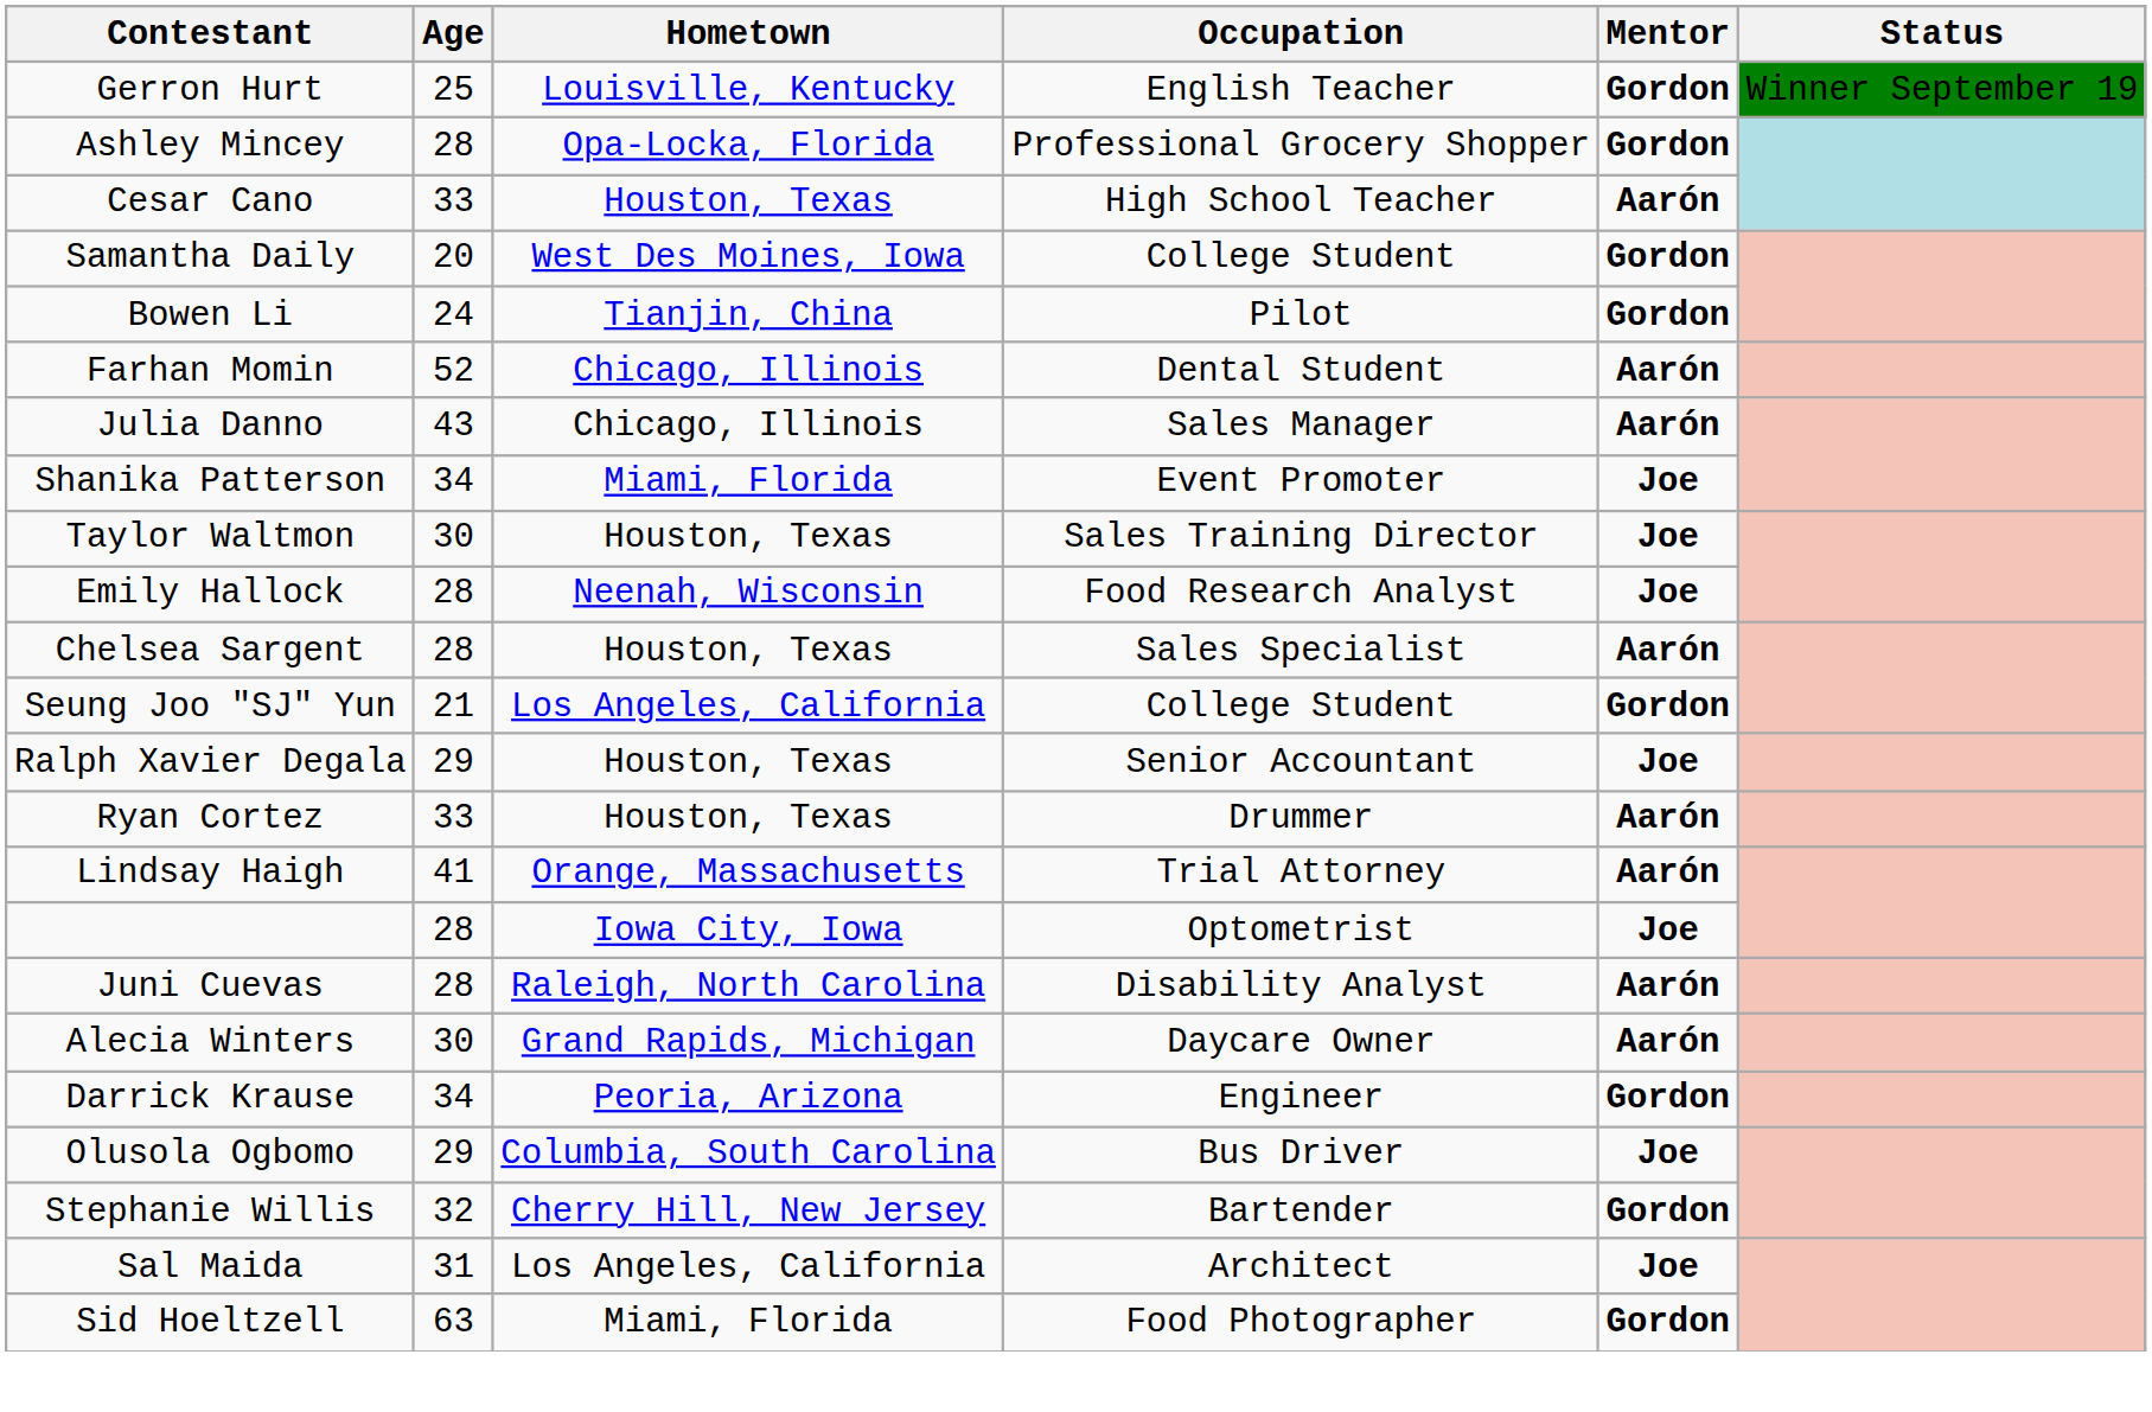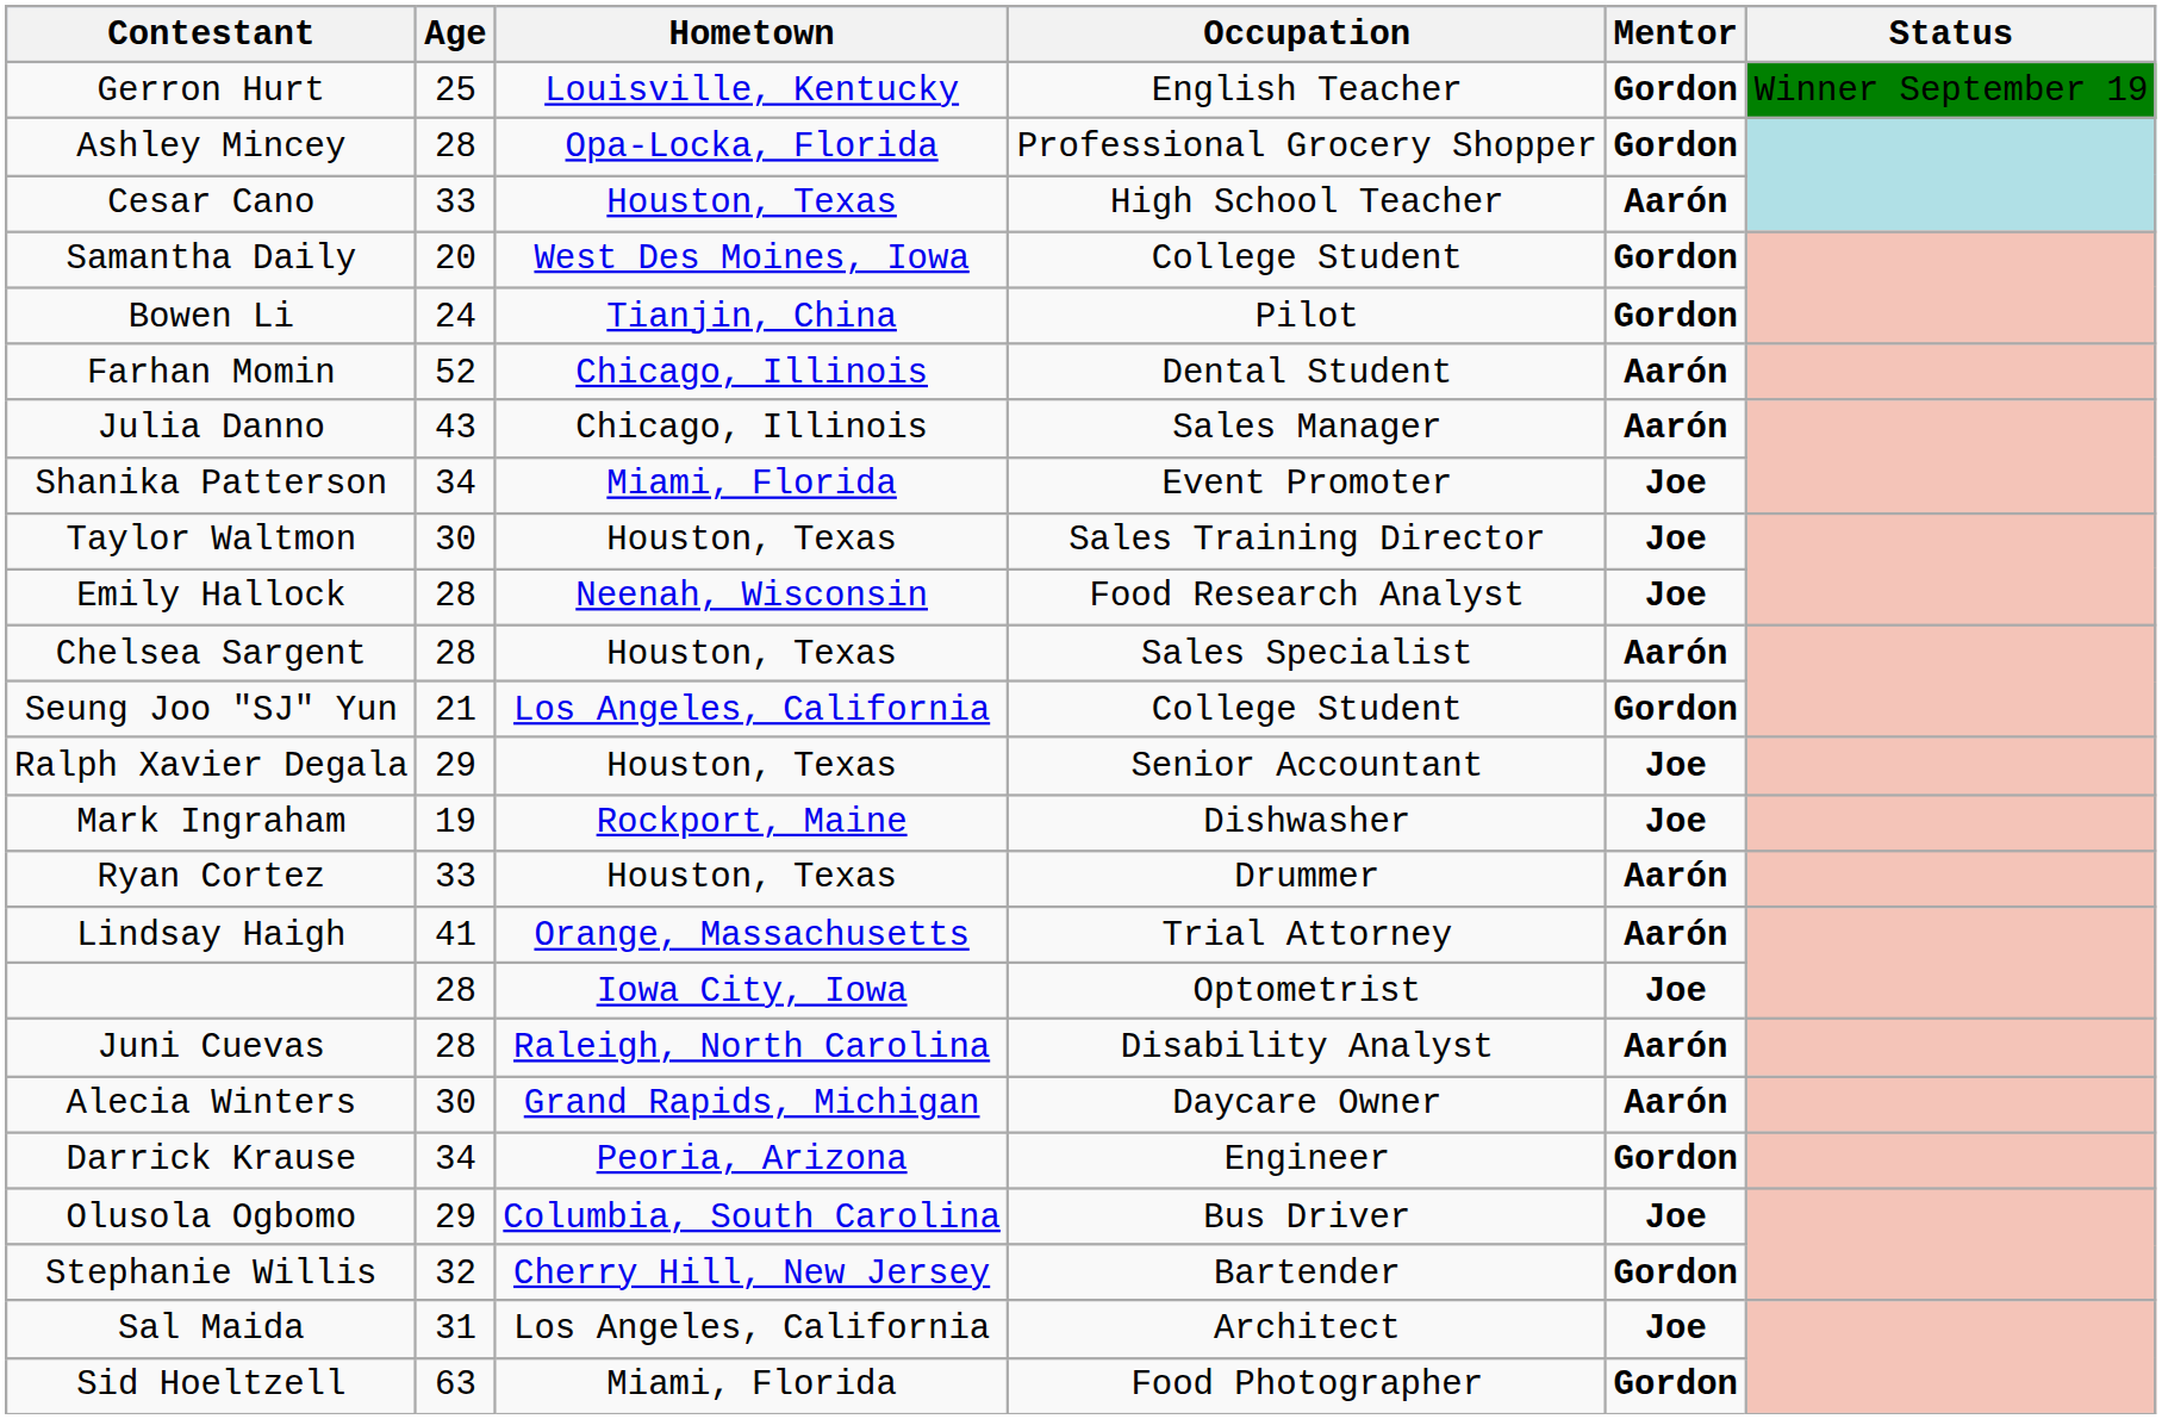 <table class="wikitable sortable plainheader" style="text-align:center; ">
 <tr style="background:#C1D8FF;">
 <th>Contestant</th>
 <th>Age</th>
 <th>Hometown</th>
 <th>Occupation</th>
 <th>Mentor</th>
 <th>Status</th>
 </tr>
 <tr>
 <td>Gerron Hurt</td>
 <td>25</td>
 <td><a href='#'>Louisville, Kentucky</a></td>
 <td>English Teacher</td>
 <td><strong><span>Gordon</span></strong></td>
 <td style="background:green;"><span>Winner September 19</span></td>
 </tr>
 <tr>
 <td>Ashley Mincey</td>
 <td>28</td>
 <td><a href='#'>Opa-Locka, Florida</a></td>
 <td>Professional Grocery Shopper</td>
 <td><strong><span>Gordon</span></strong></td>
 <td style="background:#B0E0E6;" rowspan="2"></td>
 </tr>
 <tr>
 <td>Cesar Cano</td>
 <td>33</td>
 <td><a href='#'>Houston, Texas</a></td>
 <td>High School Teacher</td>
 <td><strong><span>Aarón</span></strong></td>
 </tr>
 <tr>
 <td>Samantha Daily</td>
 <td>20</td>
 <td><a href='#'>West Des Moines, Iowa</a></td>
 <td>College Student</td>
 <td><strong><span>Gordon</span></strong></td>
 <td style="background:#f4c4b8; text-align:center;" rowspan="2"></td>
 </tr>
 <tr>
 <td>Bowen Li</td>
 <td>24</td>
 <td><a href='#'>Tianjin, China</a></td>
 <td>Pilot</td>
 <td><strong><span>Gordon</span></strong></td>
 </tr>
 <tr>
 <td>Farhan Momin</td>
 <td>52</td>
 <td><a href='#'>Chicago, Illinois</a></td>
 <td>Dental Student</td>
 <td><strong><span>Aarón</span></strong></td>
 <td style="background:#f4c4b8; text=align:center;" rowspan"1"></td>
 </tr>
 <tr>
 <td>Julia Danno</td>
 <td>43</td>
 <td>Chicago, Illinois</td>
 <td>Sales Manager</td>
 <td><strong><span>Aarón</span></strong></td>
 <td style="background:#f4c4b8; text-align:center;" rowspan="2"></td>
 </tr>
 <tr>
 <td>Shanika Patterson</td>
 <td>34</td>
 <td><a href='#'>Miami, Florida</a></td>
 <td>Event Promoter</td>
 <td><strong><span>Joe</span></strong></td>
 </tr>
 <tr>
 <td>Taylor Waltmon</td>
 <td>30</td>
 <td>Houston, Texas</td>
 <td>Sales Training Director</td>
 <td><strong><span>Joe</span></strong></td>
 <td style="background:#f4c4b8; text-align:center;" rowspan="2"></td>
 </tr>
 <tr>
 <td>Emily Hallock</td>
 <td>28</td>
 <td><a href='#'>Neenah, Wisconsin</a></td>
 <td>Food Research Analyst</td>
 <td><strong><span>Joe</span></strong></td>
 </tr>
 <tr>
 <td>Chelsea Sargent</td>
 <td>28</td>
 <td>Houston, Texas</td>
 <td>Sales Specialist</td>
 <td><strong><span>Aarón</span></strong></td>
 <td style="background:#f4c4b8; text-align:center;" rowspan="2"></td>
 </tr>
 <tr>
 <td>Seung Joo "SJ" Yun</td>
 <td>21</td>
 <td><a href='#'>Los Angeles, California</a></td>
 <td>College Student</td>
 <td><strong><span>Gordon</span></strong></td>
 </tr>
 <tr>
 <td>Ralph Xavier Degala</td>
 <td>29</td>
 <td>Houston, Texas</td>
 <td>Senior Accountant</td>
 <td><strong><span>Joe</span></strong></td>
 <td style="background:#f4c4b8; text-align:center;" rowspan="1"></td>
 </tr>
 <tr>
+<td>Mark Ingraham</td>
+<td>19</td>
+<td><a href='#'>Rockport, Maine</a></td>
+<td>Dishwasher</td>
+<td><strong><span>Joe</span></strong></td>
+<td style="background:#f4c4b8; text-align:center;" rowspan="1"></td>
+</tr>
+<tr>
 <td>Ryan Cortez</td>
 <td>33</td>
 <td>Houston, Texas</td>
 <td>Drummer</td>
 <td><strong><span>Aarón</span></strong></td>
 <td style="background:#f4c4b8; text-align:center;" rowspan="1"></td>
 </tr>
 <tr>
 <td>Lindsay Haigh</td>
 <td>41</td>
 <td><a href='#'>Orange, Massachusetts</a></td>
 <td>Trial Attorney</td>
 <td><strong><span>Aarón</span></strong></td>
 <td style="background:#f4c4b8; text-align:center;" rowspan="2"></td>
 </tr>
 <tr>
 <td></td>
 <td>28</td>
 <td><a href='#'>Iowa City, Iowa</a></td>
 <td>Optometrist</td>
 <td><strong><span>Joe</span></strong></td>
 </tr>
 <tr>
 <td>Juni Cuevas</td>
 <td>28</td>
 <td><a href='#'>Raleigh, North Carolina</a></td>
 <td>Disability Analyst</td>
 <td><strong><span>Aarón</span></strong></td>
 <td style="background:#f4c4b8; text-align:center;" rowspan="1"></td>
 </tr>
 <tr>
 <td>Alecia Winters</td>
 <td>30</td>
 <td><a href='#'>Grand Rapids, Michigan</a></td>
 <td>Daycare Owner</td>
 <td><strong><span>Aarón</span></strong></td>
 <td style="background:#f4c4b8; text-align:center;" rowspan="1"></td>
 </tr>
 <tr>
 <td>Darrick Krause</td>
 <td>34</td>
 <td><a href='#'>Peoria, Arizona</a></td>
 <td>Engineer</td>
 <td><strong><span>Gordon</span></strong></td>
 <td style="background:#f4c4b8; text-align:center;" rowspan="1"></td>
 </tr>
 <tr>
 <td>Olusola Ogbomo</td>
 <td>29</td>
 <td><a href='#'>Columbia, South Carolina</a></td>
 <td>Bus Driver</td>
 <td><strong><span>Joe</span></strong></td>
 <td style="background:#f4c4b8; text-align:center;" rowspan="2"></td>
 </tr>
 <tr>
 <td>Stephanie Willis</td>
 <td>32</td>
 <td><a href='#'>Cherry Hill, New Jersey</a></td>
 <td>Bartender</td>
 <td><strong><span>Gordon</span></strong></td>
 </tr>
 <tr>
 <td>Sal Maida</td>
 <td>31</td>
 <td>Los Angeles, California</td>
 <td>Architect</td>
 <td><strong><span>Joe</span></strong></td>
 <td style="background:#f4c4b8; text-align:center;" rowspan="2"></td>
 </tr>
 <tr>
 <td>Sid Hoeltzell</td>
 <td>63</td>
 <td>Miami, Florida</td>
 <td>Food Photographer</td>
 <td><strong><span>Gordon</span></strong></td>
 </tr>
 </table>
